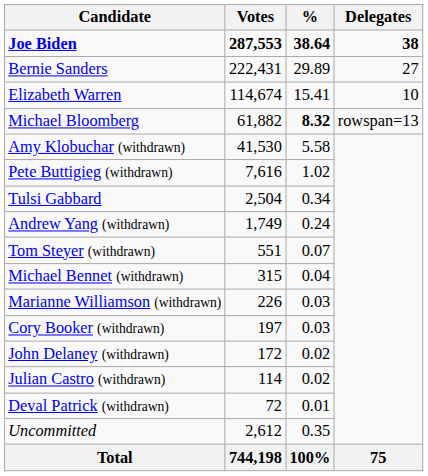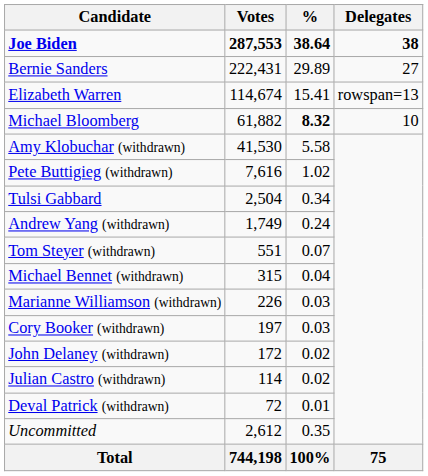 <table class="wikitable sortable" style="text-align:right;">
 <tr>
 <th>Candidate</th>
 <th>Votes</th>
 <th>%</th>
 <th>Delegates</th>
 </tr>
 <tr>
 <td style="text-align:left;" data-sort-value="Biden, Joe"><strong><a href='#'>Joe Biden</a></strong></td>
 <td><strong>287,553</strong></td>
 <td><strong>38.64</strong></td>
 <td><strong>38</strong></td>
 </tr>
 <tr>
 <td style="text-align:left;" data-sort-value="Sanders, Bernie"><a href='#'>Bernie Sanders</a></td>
 <td>222,431</td>
 <td>29.89</td>
 <td>27</td>
 </tr>
 <tr>
 <td style="text-align:left;" data-sort-value="Warren, Elizabeth"><a href='#'>Elizabeth Warren</a></td>
 <td>114,674</td>
 <td>15.41</td>
-<td>10</td>
+<td>rowspan=13 </td>
 </tr>
 <tr>
 <td style="text-align:left;" data-sort-value="Bloomberg, Michael"><a href='#'>Michael Bloomberg</a></td>
 <td>61,882</td>
 <td><strong>8.32</strong></td>
-<td>rowspan=13 </td>
+<td>10</td>
 </tr>
 <tr>
 <td style="text-align:left;" data-sort-value="Klobuchar, Amy"><a href='#'>Amy Klobuchar</a> <small>(withdrawn)</small></td>
 <td>41,530</td>
 <td>5.58</td>
 </tr>
 <tr>
 <td style="text-align:left;" data-sort-value="Buttigieg, Pete"><a href='#'>Pete Buttigieg</a> <small>(withdrawn)</small></td>
 <td>7,616</td>
 <td>1.02</td>
 </tr>
 <tr>
 <td style="text-align:left;" data-sort-value="Gabbard, Tulsi"><a href='#'>Tulsi Gabbard</a></td>
 <td>2,504</td>
 <td>0.34</td>
 </tr>
 <tr>
 <td style="text-align:left;" data-sort-value="Yang, Andrew"><a href='#'>Andrew Yang</a> <small>(withdrawn)</small></td>
 <td>1,749</td>
 <td>0.24</td>
 </tr>
 <tr>
 <td style="text-align:left;" data-sort-value="Steyer, Tom"><a href='#'>Tom Steyer</a> <small>(withdrawn)</small></td>
 <td>551</td>
 <td>0.07</td>
 </tr>
 <tr>
 <td style="text-align:left;" data-sort-value="Bennet, Micheal"><a href='#'>Michael Bennet</a> <small>(withdrawn)</small></td>
 <td>315</td>
 <td>0.04</td>
 </tr>
 <tr>
 <td style="text-align:left;" data-sort-value="Williamson, Marianne"><a href='#'>Marianne Williamson</a> <small>(withdrawn)</small></td>
 <td>226</td>
 <td>0.03</td>
 </tr>
 <tr>
 <td style="text-align:left;" data-sort-value="Booker, Cory"><a href='#'>Cory Booker</a> <small>(withdrawn)</small></td>
 <td>197</td>
 <td>0.03</td>
 </tr>
 <tr>
 <td style="text-align:left;" data-sort-value="Delaney, John"><a href='#'>John Delaney</a> <small>(withdrawn)</small></td>
 <td>172</td>
 <td>0.02</td>
 </tr>
 <tr>
 <td style="text-align:left;" data-sort-value="Castro, Julian"><a href='#'>Julian Castro</a> <small>(withdrawn)</small></td>
 <td>114</td>
 <td>0.02</td>
 </tr>
 <tr>
 <td style="text-align:left;" data-sort-value="Patrick, Deval"><a href='#'>Deval Patrick</a> <small>(withdrawn)</small></td>
 <td>72</td>
 <td>0.01</td>
 </tr>
 <tr>
 <td style="text-align:left;" data-sort-value="ZZ"><em>Uncommitted</em></td>
 <td>2,612</td>
 <td>0.35</td>
 </tr>
 <tr>
 <th>Total</th>
 <th>744,198</th>
 <th>100%</th>
 <th>75</th>
 </tr>
 </table>
